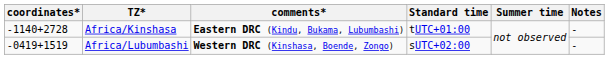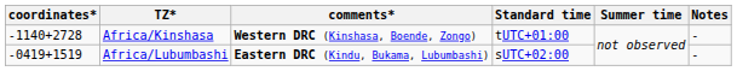 <table class="wikitable sortable">
 <tr>
 <th>coordinates*</th>
 <th>TZ*</th>
 <th>comments*</th>
 <th>Standard time</th>
 <th>Summer time</th>
 <th>Notes</th>
 </tr>
 <tr --->
 <td>-1140+2728</td>
 <td><a href='#'>Africa/Kinshasa</a></td>
-<td><strong>Eastern DRC</strong> <small>(<a href='#'>Kindu</a>, <a href='#'>Bukama</a>, <a href='#'>Lubumbashi</a>)</small></td>
+<td><strong>Western DRC</strong> <small>(<a href='#'>Kinshasa</a>, <a href='#'>Boende</a>, <a href='#'>Zongo</a>)</small></td>
 <td><span>t</span><a href='#'>UTC+01:00</a></td>
 <td rowspan="2"><em>not observed</em></td>
 <td>-</td>
 </tr>
 <tr --->
 <td>-0419+1519</td>
 <td><a href='#'>Africa/Lubumbashi</a></td>
-<td><strong>Western DRC</strong> <small>(<a href='#'>Kinshasa</a>, <a href='#'>Boende</a>, <a href='#'>Zongo</a>)</small></td>
+<td><strong>Eastern DRC</strong> <small>(<a href='#'>Kindu</a>, <a href='#'>Bukama</a>, <a href='#'>Lubumbashi</a>)</small></td>
 <td><span>s</span><a href='#'>UTC+02:00</a></td>
 <td>-</td>
 </tr>
 </table>
